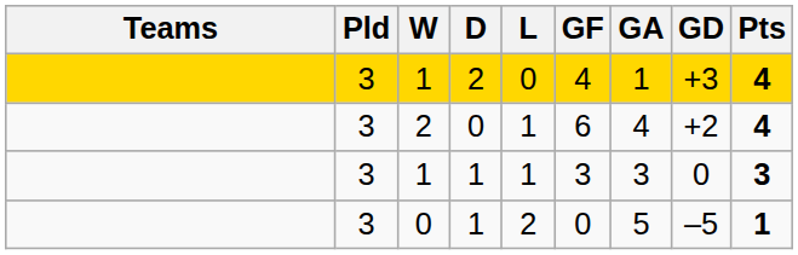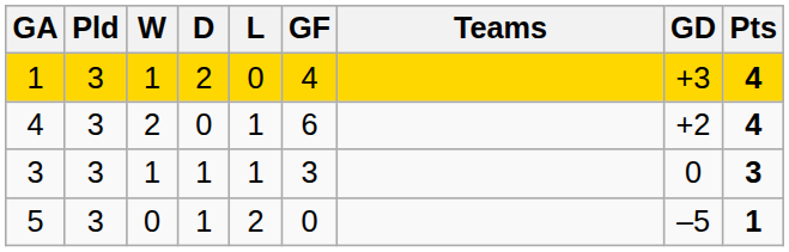 <table class="wikitable" style="text-align: center;">
 <tr>
-<th width=165>Teams</th>
+<th width=20>GA</th>
 <th width=20>Pld</th>
 <th width=20>W</th>
 <th width=20>D</th>
 <th width=20>L</th>
 <th width=20>GF</th>
-<th width=20>GA</th>
+<th width=165>Teams</th>
 <th width=20>GD</th>
 <th width=20>Pts</th>
 </tr>
 <tr align=center style="background:gold">
-<td style="text-align:left;"></td>
+<td>1</td>
 <td>3</td>
 <td>1</td>
 <td>2</td>
 <td>0</td>
 <td>4</td>
-<td>1</td>
+<td style="text-align:left;"></td>
 <td>+3</td>
 <td><strong>4</strong></td>
 </tr>
 <tr align=center>
-<td style="text-align:left;"></td>
+<td>4</td>
 <td>3</td>
 <td>2</td>
 <td>0</td>
 <td>1</td>
 <td>6</td>
-<td>4</td>
+<td style="text-align:left;"></td>
 <td>+2</td>
 <td><strong>4</strong></td>
 </tr>
 <tr align=center>
-<td style="text-align:left;"></td>
+<td>3</td>
 <td>3</td>
 <td>1</td>
 <td>1</td>
 <td>1</td>
 <td>3</td>
-<td>3</td>
+<td style="text-align:left;"></td>
 <td>0</td>
 <td><strong>3</strong></td>
 </tr>
 <tr align=center>
-<td style="text-align:left;"></td>
+<td>5</td>
 <td>3</td>
 <td>0</td>
 <td>1</td>
 <td>2</td>
 <td>0</td>
-<td>5</td>
+<td style="text-align:left;"></td>
 <td>–5</td>
 <td><strong>1</strong></td>
 </tr>
 </table>
